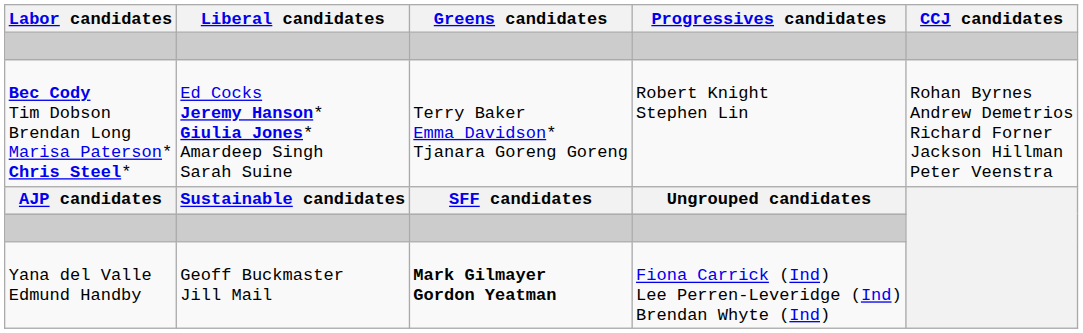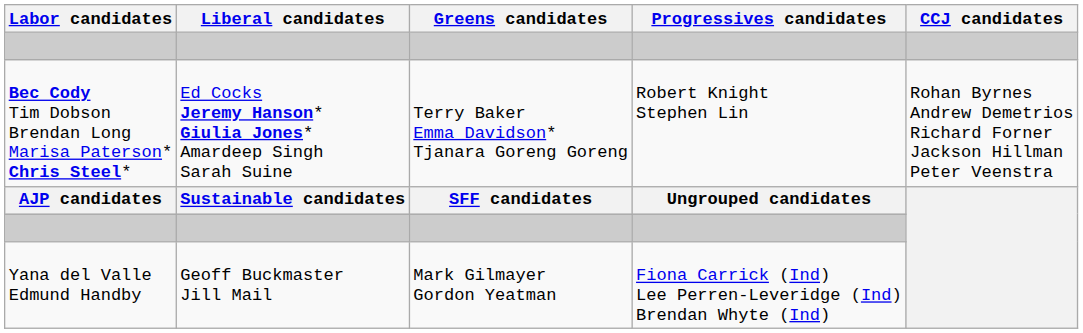 <table class="wikitable">
 <tr>
 <th><a href='#'>Labor</a> candidates</th>
 <th><a href='#'>Liberal</a> candidates</th>
 <th><a href='#'>Greens</a> candidates</th>
 <th><a href='#'>Progressives</a> candidates</th>
 <th><a href='#'>CCJ</a> candidates</th>
 </tr>
 <tr bgcolor="#cccccc">
 <td></td>
 <td></td>
 <td></td>
 <td></td>
 <td> </td>
 </tr>
 <tr>
 <td><br><strong><a href='#'>Bec Cody</a></strong><br> Tim Dobson<br> Brendan Long<br> <a href='#'>Marisa Paterson</a>*<br> <strong><a href='#'>Chris Steel</a></strong>*</td>
 <td><br><a href='#'>Ed Cocks</a><br> <strong><a href='#'>Jeremy Hanson</a></strong>*<br> <strong><a href='#'>Giulia Jones</a></strong>*<br> Amardeep Singh<br> Sarah Suine</td>
 <td><br>Terry Baker<br> <a href='#'>Emma Davidson</a>*<br> Tjanara Goreng Goreng</td>
 <td valign=top><br>Robert Knight<br> Stephen Lin</td>
 <td valign=top><br>Rohan Byrnes<br> Andrew Demetrios<br> Richard Forner<br> Jackson Hillman<br> Peter Veenstra</td>
 </tr>
 <tr bgcolor="#cccccc">
 <th><a href='#'>AJP</a> candidates</th>
 <th><a href='#'>Sustainable</a> candidates</th>
 <th><a href='#'>SFF</a> candidates</th>
 <th>Ungrouped candidates</th>
 <th rowspan=3></th>
 </tr>
 <tr bgcolor="#cccccc">
 <td></td>
 <td></td>
 <td></td>
 <td> </td>
 </tr>
 <tr>
 <td valign=top><br>Yana del Valle<br> Edmund Handby</td>
 <td valign=top><br>Geoff Buckmaster<br> Jill Mail</td>
-<td valign=top><strong><br>Mark Gilmayer<br> Gordon Yeatman</strong></td>
+<td valign=top><br>Mark Gilmayer<br> Gordon Yeatman</td>
 <td valign=top><br><a href='#'>Fiona Carrick</a> (<a href='#'>Ind</a>)<br> Lee Perren-Leveridge (<a href='#'>Ind</a>)<br> Brendan Whyte (<a href='#'>Ind</a>)</td>
 </tr>
 </table>
